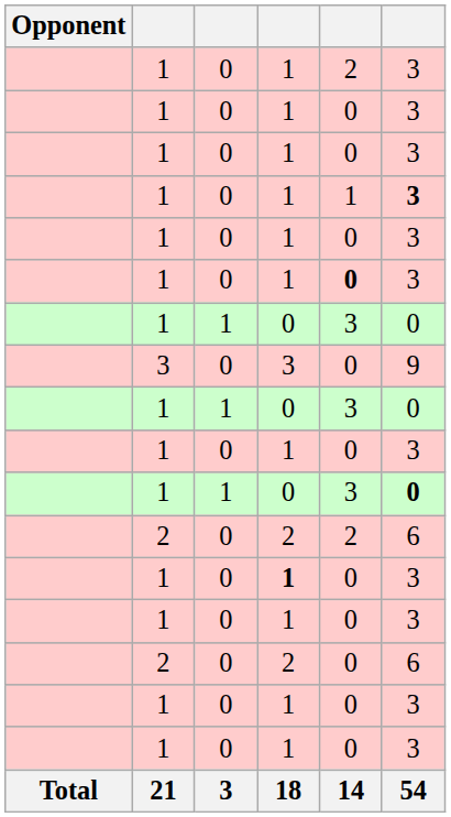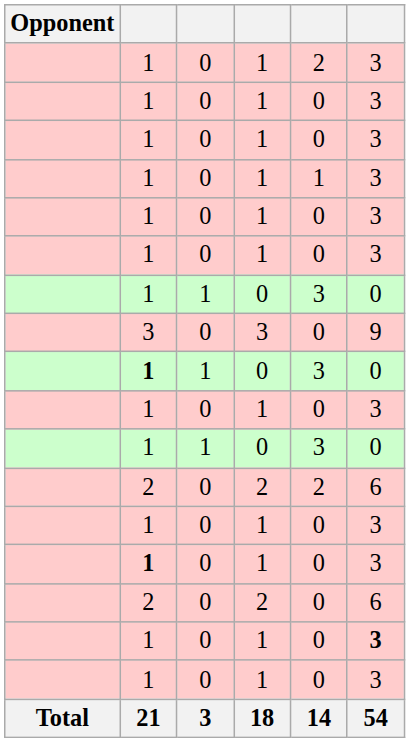 <table class="wikitable sortable" style="text-align: center;">
 <tr>
 <th width="30">Opponent</th>
 <th width=30></th>
 <th width=30></th>
 <th width=30></th>
 <th width=30></th>
 <th width=30></th>
 </tr>
 <tr bgcolor=#FFCCCC>
 <td align="left"></td>
 <td>1</td>
 <td>0</td>
 <td>1</td>
 <td>2</td>
 <td>3</td>
 </tr>
 <tr bgcolor=#FFCCCC>
 <td align="left"></td>
 <td>1</td>
 <td>0</td>
 <td>1</td>
 <td>0</td>
 <td>3</td>
 </tr>
 <tr bgcolor=#FFCCCC>
 <td align="left"></td>
 <td>1</td>
 <td>0</td>
 <td>1</td>
 <td>0</td>
 <td>3</td>
 </tr>
 <tr bgcolor=#FFCCCC>
 <td align="left"></td>
 <td>1</td>
 <td>0</td>
 <td>1</td>
 <td>1</td>
-<td><strong>3</strong></td>
+<td>3</td>
 </tr>
 <tr bgcolor=#FFCCCC>
 <td align="left"></td>
 <td>1</td>
 <td>0</td>
 <td>1</td>
 <td>0</td>
 <td>3</td>
 </tr>
 <tr bgcolor=#FFCCCC>
 <td align="left"></td>
 <td>1</td>
 <td>0</td>
 <td>1</td>
-<td><strong>0</strong></td>
+<td>0</td>
 <td>3</td>
 </tr>
 <tr bgcolor=#CCFFCC>
 <td align="left"></td>
 <td>1</td>
 <td>1</td>
 <td>0</td>
 <td>3</td>
 <td>0</td>
 </tr>
 <tr bgcolor=#FFCCCC>
 <td align="left"></td>
 <td>3</td>
 <td>0</td>
 <td>3</td>
 <td>0</td>
 <td>9</td>
 </tr>
 <tr bgcolor=#CCFFCC>
 <td align="left"></td>
-<td>1</td>
+<td><strong>1</strong></td>
 <td>1</td>
 <td>0</td>
 <td>3</td>
 <td>0</td>
 </tr>
 <tr bgcolor=#FFCCCC>
 <td align="left"></td>
 <td>1</td>
 <td>0</td>
 <td>1</td>
 <td>0</td>
 <td>3</td>
 </tr>
 <tr bgcolor=#CCFFCC>
 <td align="left"></td>
 <td>1</td>
 <td>1</td>
 <td>0</td>
 <td>3</td>
-<td><strong>0</strong></td>
+<td>0</td>
 </tr>
 <tr bgcolor=#FFCCCC>
 <td align="left"></td>
 <td>2</td>
 <td>0</td>
 <td>2</td>
 <td>2</td>
 <td>6</td>
 </tr>
 <tr bgcolor=#FFCCCC>
 <td align="left"></td>
 <td>1</td>
 <td>0</td>
-<td><strong>1</strong></td>
+<td>1</td>
 <td>0</td>
 <td>3</td>
 </tr>
 <tr bgcolor=#FFCCCC>
 <td align="left"></td>
-<td>1</td>
+<td><strong>1</strong></td>
 <td>0</td>
 <td>1</td>
 <td>0</td>
 <td>3</td>
 </tr>
 <tr bgcolor=#FFCCCC>
 <td align="left"></td>
 <td>2</td>
 <td>0</td>
 <td>2</td>
 <td>0</td>
 <td>6</td>
 </tr>
 <tr bgcolor=#FFCCCC>
 <td align="left"></td>
 <td>1</td>
 <td>0</td>
 <td>1</td>
 <td>0</td>
-<td>3</td>
+<td><strong>3</strong></td>
 </tr>
 <tr bgcolor=#FFCCCC>
 <td align="left"></td>
 <td>1</td>
 <td>0</td>
 <td>1</td>
 <td>0</td>
 <td>3</td>
 </tr>
 <tr>
 <th>Total</th>
 <th>21</th>
 <th>3</th>
 <th>18</th>
 <th>14</th>
 <th>54</th>
 </tr>
 </table>
